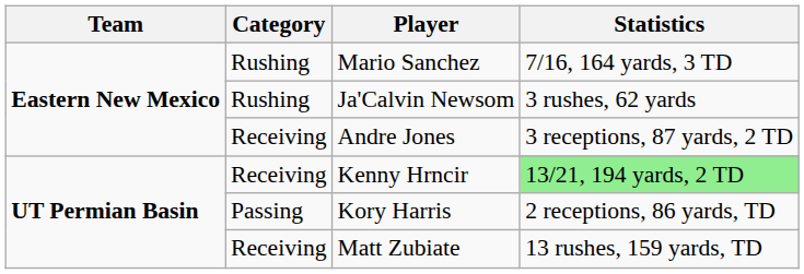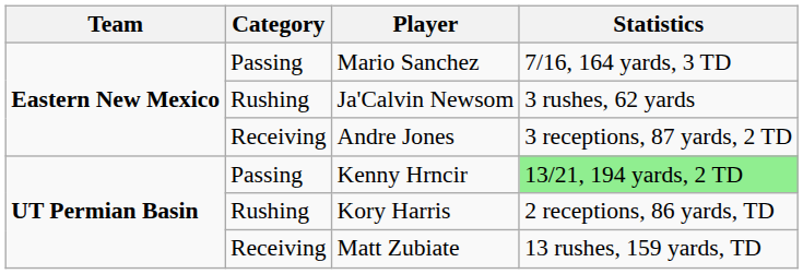 <table class="wikitable" style="float: right;">
 <tr>
 <th>Team</th>
 <th>Category</th>
 <th>Player</th>
 <th>Statistics</th>
 </tr>
 <tr>
 <td rowspan=3><strong>Eastern New Mexico</strong></td>
-<td>Rushing</td>
+<td>Passing</td>
 <td>Mario Sanchez</td>
 <td>7/16, 164 yards, 3 TD</td>
 </tr>
 <tr>
 <td>Rushing</td>
 <td>Ja'Calvin Newsom</td>
 <td>3 rushes, 62 yards</td>
 </tr>
 <tr>
 <td>Receiving</td>
 <td>Andre Jones</td>
 <td>3 receptions, 87 yards, 2 TD</td>
 </tr>
 <tr>
 <td rowspan=3><strong>UT Permian Basin</strong></td>
-<td>Receiving</td>
+<td>Passing</td>
 <td>Kenny Hrncir</td>
 <td style="background: lightgreen;">13/21, 194 yards, 2 TD</td>
 </tr>
 <tr>
-<td>Passing</td>
+<td>Rushing</td>
 <td>Kory Harris</td>
 <td>2 receptions, 86 yards, TD</td>
 </tr>
 <tr>
 <td>Receiving</td>
 <td>Matt Zubiate</td>
 <td>13 rushes, 159 yards, TD</td>
 </tr>
 </table>
